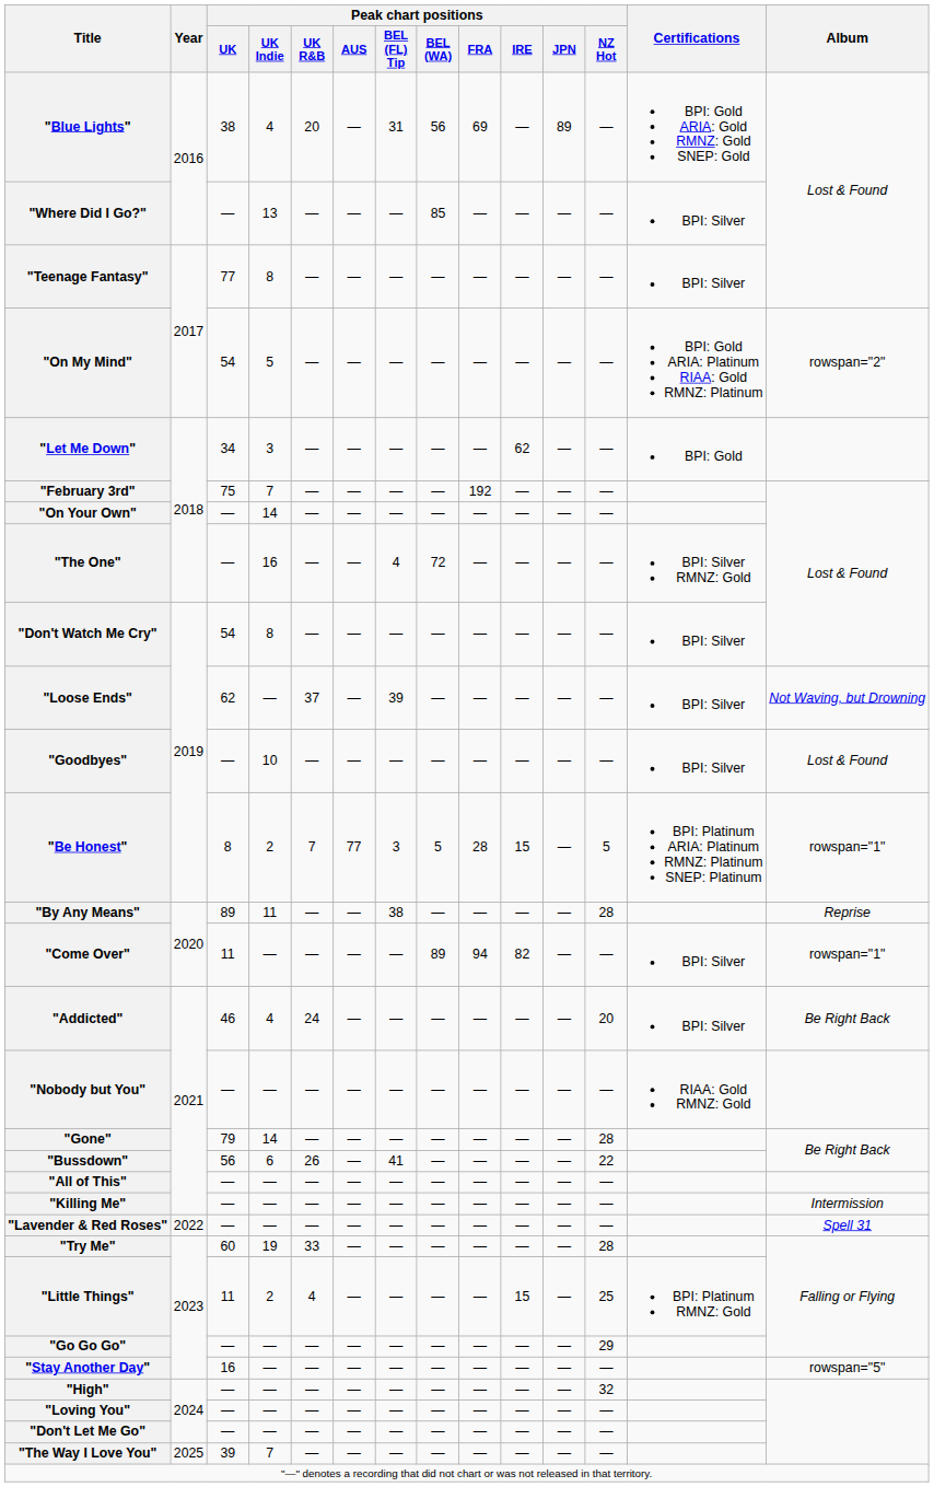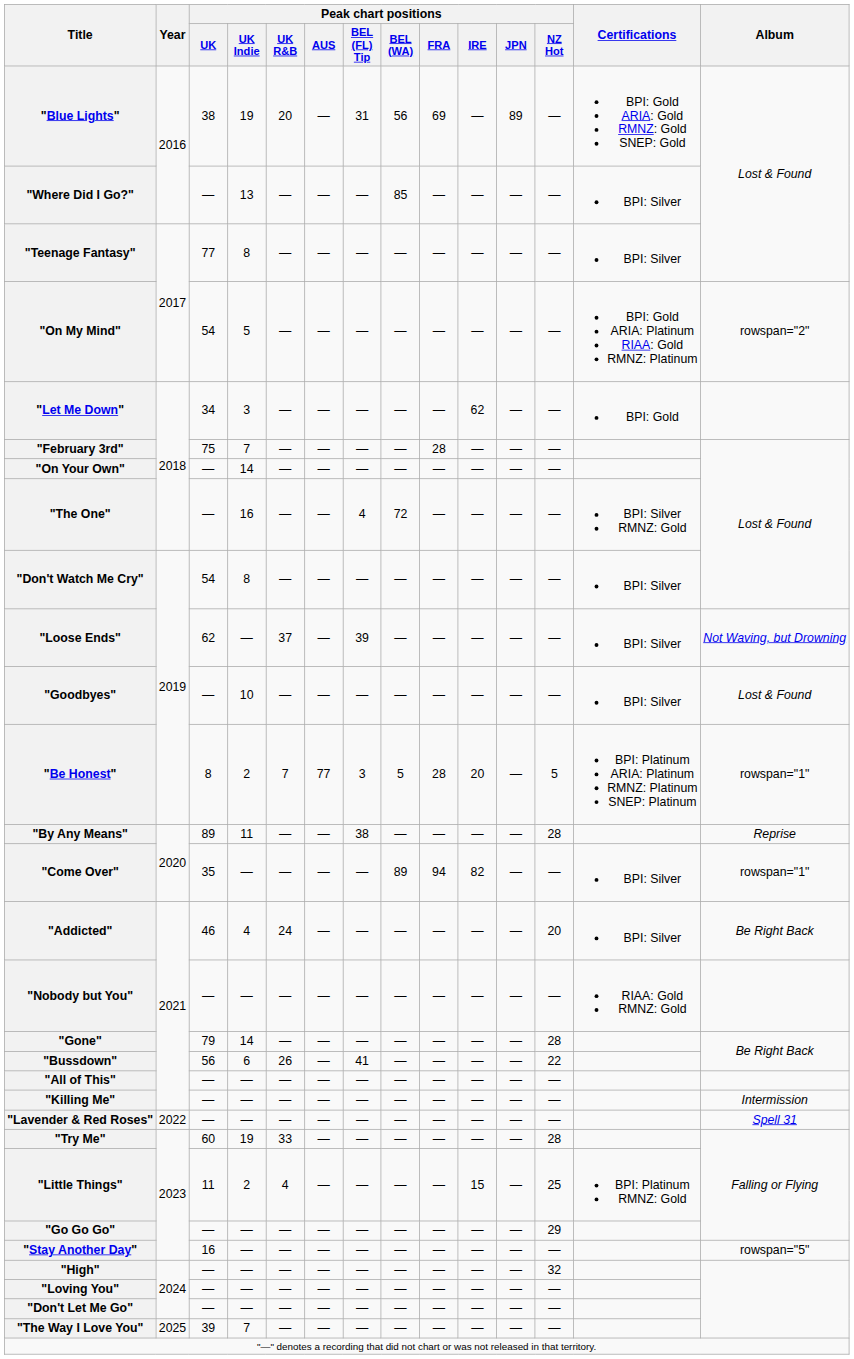 <table class="wikitable plainrowheaders" style="text-align:center;" border="1">
 <tr>
 <th scope="col" rowspan="2">Title</th>
 <th scope="col" rowspan="2">Year</th>
 <th scope="col" colspan="10">Peak chart positions</th>
 <th scope="col" rowspan="2"><a href='#'>Certifications</a></th>
 <th scope="col" rowspan="2">Album</th>
 </tr>
 <tr>
 <th scope="col" style="width:3em;font-size:90%;"><a href='#'>UK</a><br></th>
 <th scope="col" style="width:3em;font-size:90%;"><a href='#'>UK<br>Indie</a><br></th>
 <th scope="col" style="width:3em;font-size:90%;"><a href='#'>UK<br>R&B</a><br></th>
 <th scope="col" style="width:3em;font-size:90%;"><a href='#'>AUS</a><br></th>
 <th scope="col" style="width:3em;font-size:90%;"><a href='#'>BEL<br>(FL)<br>Tip</a><br></th>
 <th scope="col" style="width:3em;font-size:90%;"><a href='#'>BEL<br>(WA)</a><br></th>
 <th scope="col" style="width:3em;font-size:90%;"><a href='#'>FRA</a><br></th>
 <th scope="col" style="width:3em;font-size:90%;"><a href='#'>IRE</a><br></th>
 <th scope="col" style="width:3em;font-size:90%;"><a href='#'>JPN</a><br></th>
 <th scope="col" style="width:3em;font-size:90%;"><a href='#'>NZ<br>Hot</a><br></th>
 </tr>
 <tr>
 <th scope="row">"<a href='#'>Blue Lights</a>"</th>
 <td rowspan="2">2016</td>
 <td>38</td>
-<td>4</td>
+<td>19</td>
 <td>20</td>
 <td>—</td>
 <td>31</td>
 <td>56</td>
 <td>69</td>
 <td>—</td>
 <td>89</td>
 <td>—</td>
 <td><br><ul><li>BPI: Gold</li><li><a href='#'>ARIA</a>: Gold</li><li><a href='#'>RMNZ</a>: Gold</li><li>SNEP: Gold</li></ul></td>
 <td rowspan="3"><em>Lost & Found</em></td>
 </tr>
 <tr>
 <th scope="row">"Where Did I Go?"</th>
 <td>—</td>
 <td>13</td>
 <td>—</td>
 <td>—</td>
 <td>—</td>
 <td>85</td>
 <td>—</td>
 <td>—</td>
 <td>—</td>
 <td>—</td>
 <td><br><ul><li>BPI: Silver</li></ul></td>
 </tr>
 <tr>
 <th scope="row">"Teenage Fantasy"</th>
 <td rowspan="2">2017</td>
 <td>77</td>
 <td>8</td>
 <td>—</td>
 <td>—</td>
 <td>—</td>
 <td>—</td>
 <td>—</td>
 <td>—</td>
 <td>—</td>
 <td>—</td>
 <td><br><ul><li>BPI: Silver</li></ul></td>
 </tr>
 <tr>
 <th scope="row">"On My Mind"<br></th>
 <td>54</td>
 <td>5</td>
 <td>—</td>
 <td>—</td>
 <td>—</td>
 <td>—</td>
 <td>—</td>
 <td>—</td>
 <td>—</td>
 <td>—</td>
 <td><br><ul><li>BPI: Gold</li><li>ARIA: Platinum</li><li><a href='#'>RIAA</a>: Gold</li><li>RMNZ: Platinum</li></ul></td>
 <td>rowspan="2" </td>
 </tr>
 <tr>
 <th scope="row">"<a href='#'>Let Me Down</a>"<br></th>
 <td rowspan="4">2018</td>
 <td>34</td>
 <td>3</td>
 <td>—</td>
 <td>—</td>
 <td>—</td>
 <td>—</td>
 <td>—</td>
 <td>62</td>
 <td>—</td>
 <td>—</td>
 <td><br><ul><li>BPI: Gold</li></ul></td>
 </tr>
 <tr>
 <th scope="row">"February 3rd"</th>
 <td>75</td>
 <td>7</td>
 <td>—</td>
 <td>—</td>
 <td>—</td>
 <td>—</td>
-<td>192</td>
+<td>28</td>
 <td>—</td>
 <td>—</td>
 <td>—</td>
 <td></td>
 <td rowspan="4"><em>Lost & Found</em></td>
 </tr>
 <tr>
 <th scope="row">"On Your Own"</th>
 <td>—</td>
 <td>14</td>
 <td>—</td>
 <td>—</td>
 <td>—</td>
 <td>—</td>
 <td>—</td>
 <td>—</td>
 <td>—</td>
 <td>—</td>
 <td></td>
 </tr>
 <tr>
 <th scope="row">"The One"</th>
 <td>—</td>
 <td>16</td>
 <td>—</td>
 <td>—</td>
 <td>4</td>
 <td>72</td>
 <td>—</td>
 <td>—</td>
 <td>—</td>
 <td>—</td>
 <td><br><ul><li>BPI: Silver</li><li>RMNZ: Gold</li></ul></td>
 </tr>
 <tr>
 <th scope="row">"Don't Watch Me Cry"</th>
 <td rowspan="4">2019</td>
 <td>54</td>
 <td>8</td>
 <td>—</td>
 <td>—</td>
 <td>—</td>
 <td>—</td>
 <td>—</td>
 <td>—</td>
 <td>—</td>
 <td>—</td>
 <td><br><ul><li>BPI: Silver</li></ul></td>
 </tr>
 <tr>
 <th scope="row">"Loose Ends"<br></th>
 <td>62</td>
 <td>—</td>
 <td>37</td>
 <td>—</td>
 <td>39</td>
 <td>—</td>
 <td>—</td>
 <td>—</td>
 <td>—</td>
 <td>—</td>
 <td><br><ul><li>BPI: Silver</li></ul></td>
 <td><em><a href='#'>Not Waving, but Drowning</a></em></td>
 </tr>
 <tr>
 <th scope="row">"Goodbyes"</th>
 <td>—</td>
 <td>10</td>
 <td>—</td>
 <td>—</td>
 <td>—</td>
 <td>—</td>
 <td>—</td>
 <td>—</td>
 <td>—</td>
 <td>—</td>
 <td><br><ul><li>BPI: Silver</li></ul></td>
 <td><em>Lost & Found</em></td>
 </tr>
 <tr>
 <th scope="row">"<a href='#'>Be Honest</a>"<br></th>
 <td>8</td>
 <td>2</td>
 <td>7</td>
 <td>77</td>
 <td>3</td>
 <td>5</td>
 <td>28</td>
-<td>15</td>
+<td>20</td>
 <td>—</td>
 <td>5</td>
 <td><br><ul><li>BPI: Platinum</li><li>ARIA: Platinum</li><li>RMNZ: Platinum</li><li>SNEP: Platinum</li></ul></td>
 <td>rowspan="1" </td>
 </tr>
 <tr>
 <th scope="row">"By Any Means"</th>
 <td rowspan="2">2020</td>
 <td>89</td>
 <td>11</td>
 <td>—</td>
 <td>—</td>
 <td>38</td>
 <td>—</td>
 <td>—</td>
 <td>—</td>
 <td>—</td>
 <td>28</td>
 <td></td>
 <td><em>Reprise</em></td>
 </tr>
 <tr>
 <th scope="row">"Come Over"<br></th>
-<td>11</td>
+<td>35</td>
 <td>—</td>
 <td>—</td>
 <td>—</td>
 <td>—</td>
 <td>89</td>
 <td>94</td>
 <td>82</td>
 <td>—</td>
 <td>—</td>
 <td><br><ul><li>BPI: Silver</li></ul></td>
 <td>rowspan="1" </td>
 </tr>
 <tr>
 <th scope="row">"Addicted"</th>
 <td rowspan="6">2021</td>
 <td>46</td>
 <td>4</td>
 <td>24</td>
 <td>—</td>
 <td>—</td>
 <td>—</td>
 <td>—</td>
 <td>—</td>
 <td>—</td>
 <td>20</td>
 <td><br><ul><li>BPI: Silver</li></ul></td>
 <td><em>Be Right Back</em></td>
 </tr>
 <tr>
 <th scope="row">"Nobody but You"<br></th>
 <td>—</td>
 <td>—</td>
 <td>—</td>
 <td>—</td>
 <td>—</td>
 <td>—</td>
 <td>—</td>
 <td>—</td>
 <td>—</td>
 <td>—</td>
 <td><br><ul><li>RIAA: Gold</li><li>RMNZ: Gold</li></ul></td>
 <td></td>
 </tr>
 <tr>
 <th scope="row">"Gone"</th>
 <td>79</td>
 <td>14</td>
 <td>—</td>
 <td>—</td>
 <td>—</td>
 <td>—</td>
 <td>—</td>
 <td>—</td>
 <td>—</td>
 <td>28</td>
 <td></td>
 <td rowspan="2"><em>Be Right Back</em></td>
 </tr>
 <tr>
 <th scope="row">"Bussdown"<br></th>
 <td>56</td>
 <td>6</td>
 <td>26</td>
 <td>—</td>
 <td>41</td>
 <td>—</td>
 <td>—</td>
 <td>—</td>
 <td>—</td>
 <td>22</td>
 <td></td>
 </tr>
 <tr>
 <th scope="row">"All of This"<br></th>
 <td>—</td>
 <td>—</td>
 <td>—</td>
 <td>—</td>
 <td>—</td>
 <td>—</td>
 <td>—</td>
 <td>—</td>
 <td>—</td>
 <td>—</td>
 <td></td>
 <td></td>
 </tr>
 <tr>
 <th scope="row">"Killing Me"<br></th>
 <td>—</td>
 <td>—</td>
 <td>—</td>
 <td>—</td>
 <td>—</td>
 <td>—</td>
 <td>—</td>
 <td>—</td>
 <td>—</td>
 <td>—</td>
 <td></td>
 <td><em>Intermission</em></td>
 </tr>
 <tr>
 <th scope="row">"Lavender & Red Roses"<br></th>
 <td>2022</td>
 <td>—</td>
 <td>—</td>
 <td>—</td>
 <td>—</td>
 <td>—</td>
 <td>—</td>
 <td>—</td>
 <td>—</td>
 <td>—</td>
 <td>—</td>
 <td></td>
 <td><em><a href='#'>Spell 31</a></em></td>
 </tr>
 <tr>
 <th scope="row">"Try Me"</th>
 <td rowspan="4">2023</td>
 <td>60</td>
 <td>19</td>
 <td>33</td>
 <td>—</td>
 <td>—</td>
 <td>—</td>
 <td>—</td>
 <td>—</td>
 <td>—</td>
 <td>28</td>
 <td></td>
 <td rowspan="3"><em>Falling or Flying</em></td>
 </tr>
 <tr>
 <th scope="row">"Little Things"</th>
 <td>11</td>
 <td>2</td>
 <td>4</td>
 <td>—</td>
 <td>—</td>
 <td>—</td>
 <td>—</td>
 <td>15</td>
 <td>—</td>
 <td>25</td>
 <td><br><ul><li>BPI: Platinum</li><li>RMNZ: Gold</li></ul></td>
 </tr>
 <tr>
 <th scope="row">"Go Go Go"</th>
 <td>—</td>
 <td>—</td>
 <td>—</td>
 <td>—</td>
 <td>—</td>
 <td>—</td>
 <td>—</td>
 <td>—</td>
 <td>—</td>
 <td>29</td>
 <td></td>
 </tr>
 <tr>
 <th scope="row">"<a href='#'>Stay Another Day</a>"</th>
 <td>16</td>
 <td>—</td>
 <td>—</td>
 <td>—</td>
 <td>—</td>
 <td>—</td>
 <td>—</td>
 <td>—</td>
 <td>—</td>
 <td>—</td>
 <td></td>
 <td>rowspan="5" </td>
 </tr>
 <tr>
 <th scope="row">"High"</th>
 <td rowspan="3">2024</td>
 <td>—</td>
 <td>—</td>
 <td>—</td>
 <td>—</td>
 <td>—</td>
 <td>—</td>
 <td>—</td>
 <td>—</td>
 <td>—</td>
 <td>32</td>
 <td></td>
 </tr>
 <tr>
 <th scope="row">"Loving You" <br></th>
 <td>—</td>
 <td>—</td>
 <td>—</td>
 <td>—</td>
 <td>—</td>
 <td>—</td>
 <td>—</td>
 <td>—</td>
 <td>—</td>
 <td>—</td>
 <td></td>
 </tr>
 <tr>
 <th scope="row">"Don't Let Me Go"</th>
 <td>—</td>
 <td>—</td>
 <td>—</td>
 <td>—</td>
 <td>—</td>
 <td>—</td>
 <td>—</td>
 <td>—</td>
 <td>—</td>
 <td>—</td>
 <td></td>
 </tr>
 <tr>
 <th scope="row">"The Way I Love You"</th>
 <td>2025</td>
 <td>39</td>
 <td>7</td>
 <td>—</td>
 <td>—</td>
 <td>—</td>
 <td>—</td>
 <td>—</td>
 <td>—</td>
 <td>—</td>
 <td>—</td>
 <td></td>
 </tr>
 <tr>
 <td colspan="15" style="font-size:80%">"—" denotes a recording that did not chart or was not released in that territory.</td>
 </tr>
 </table>
